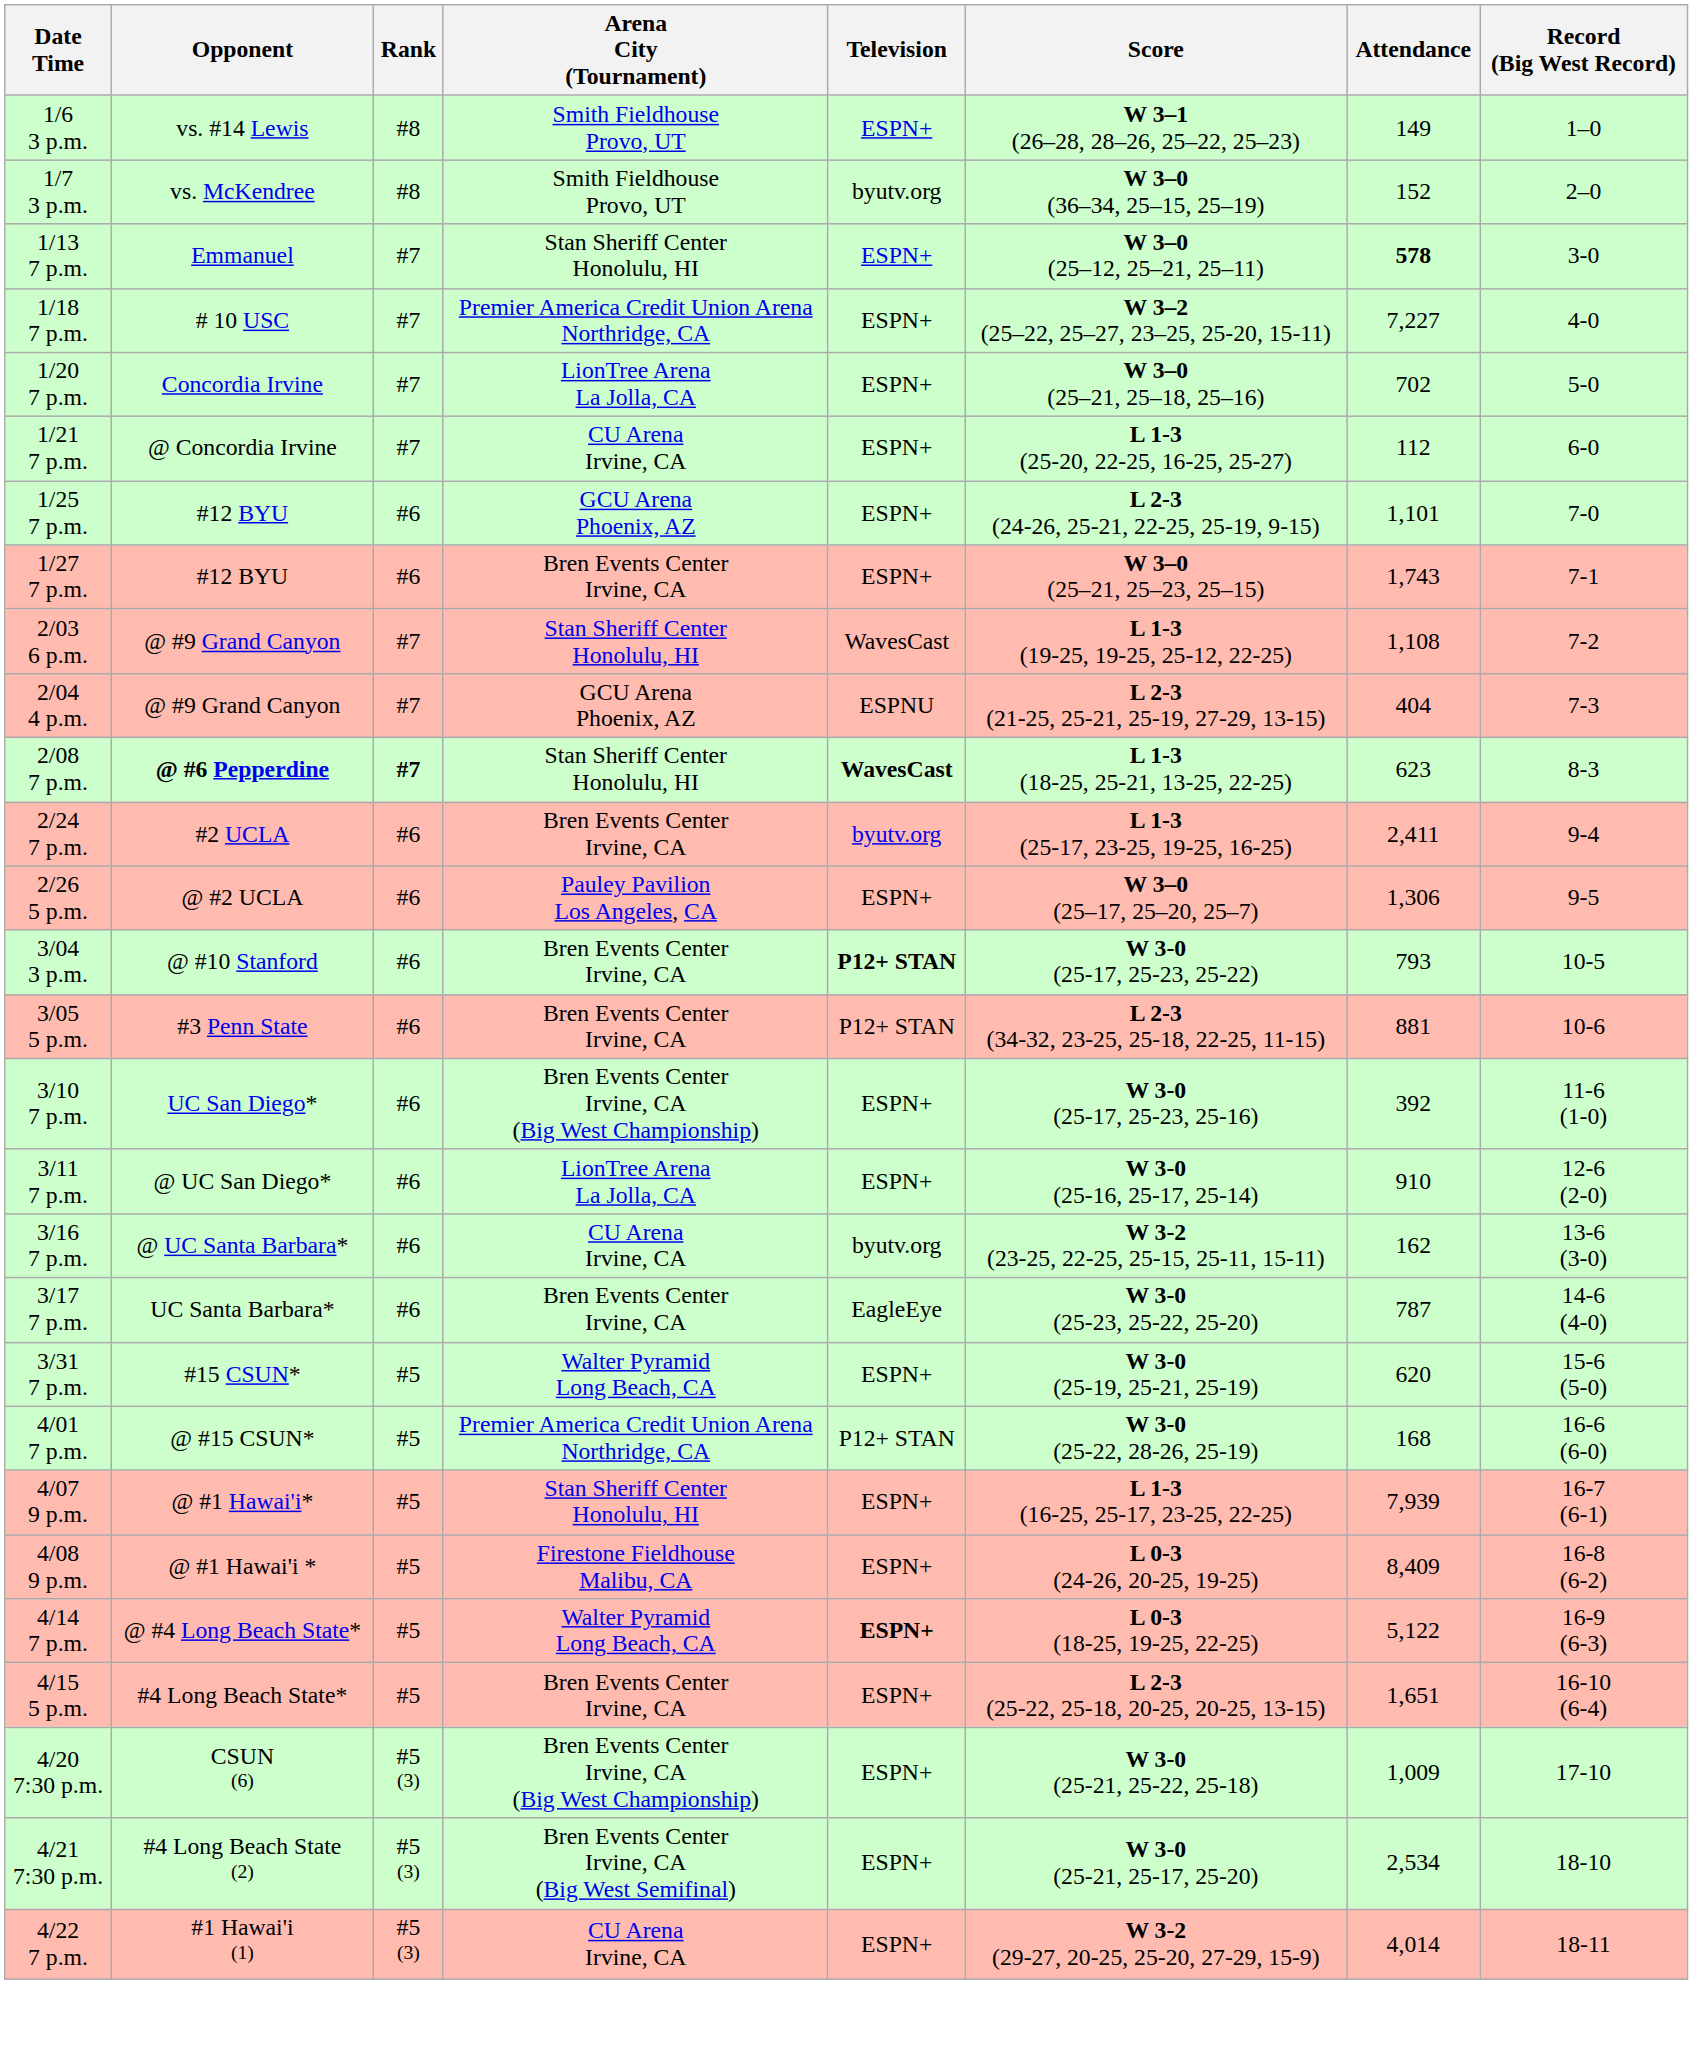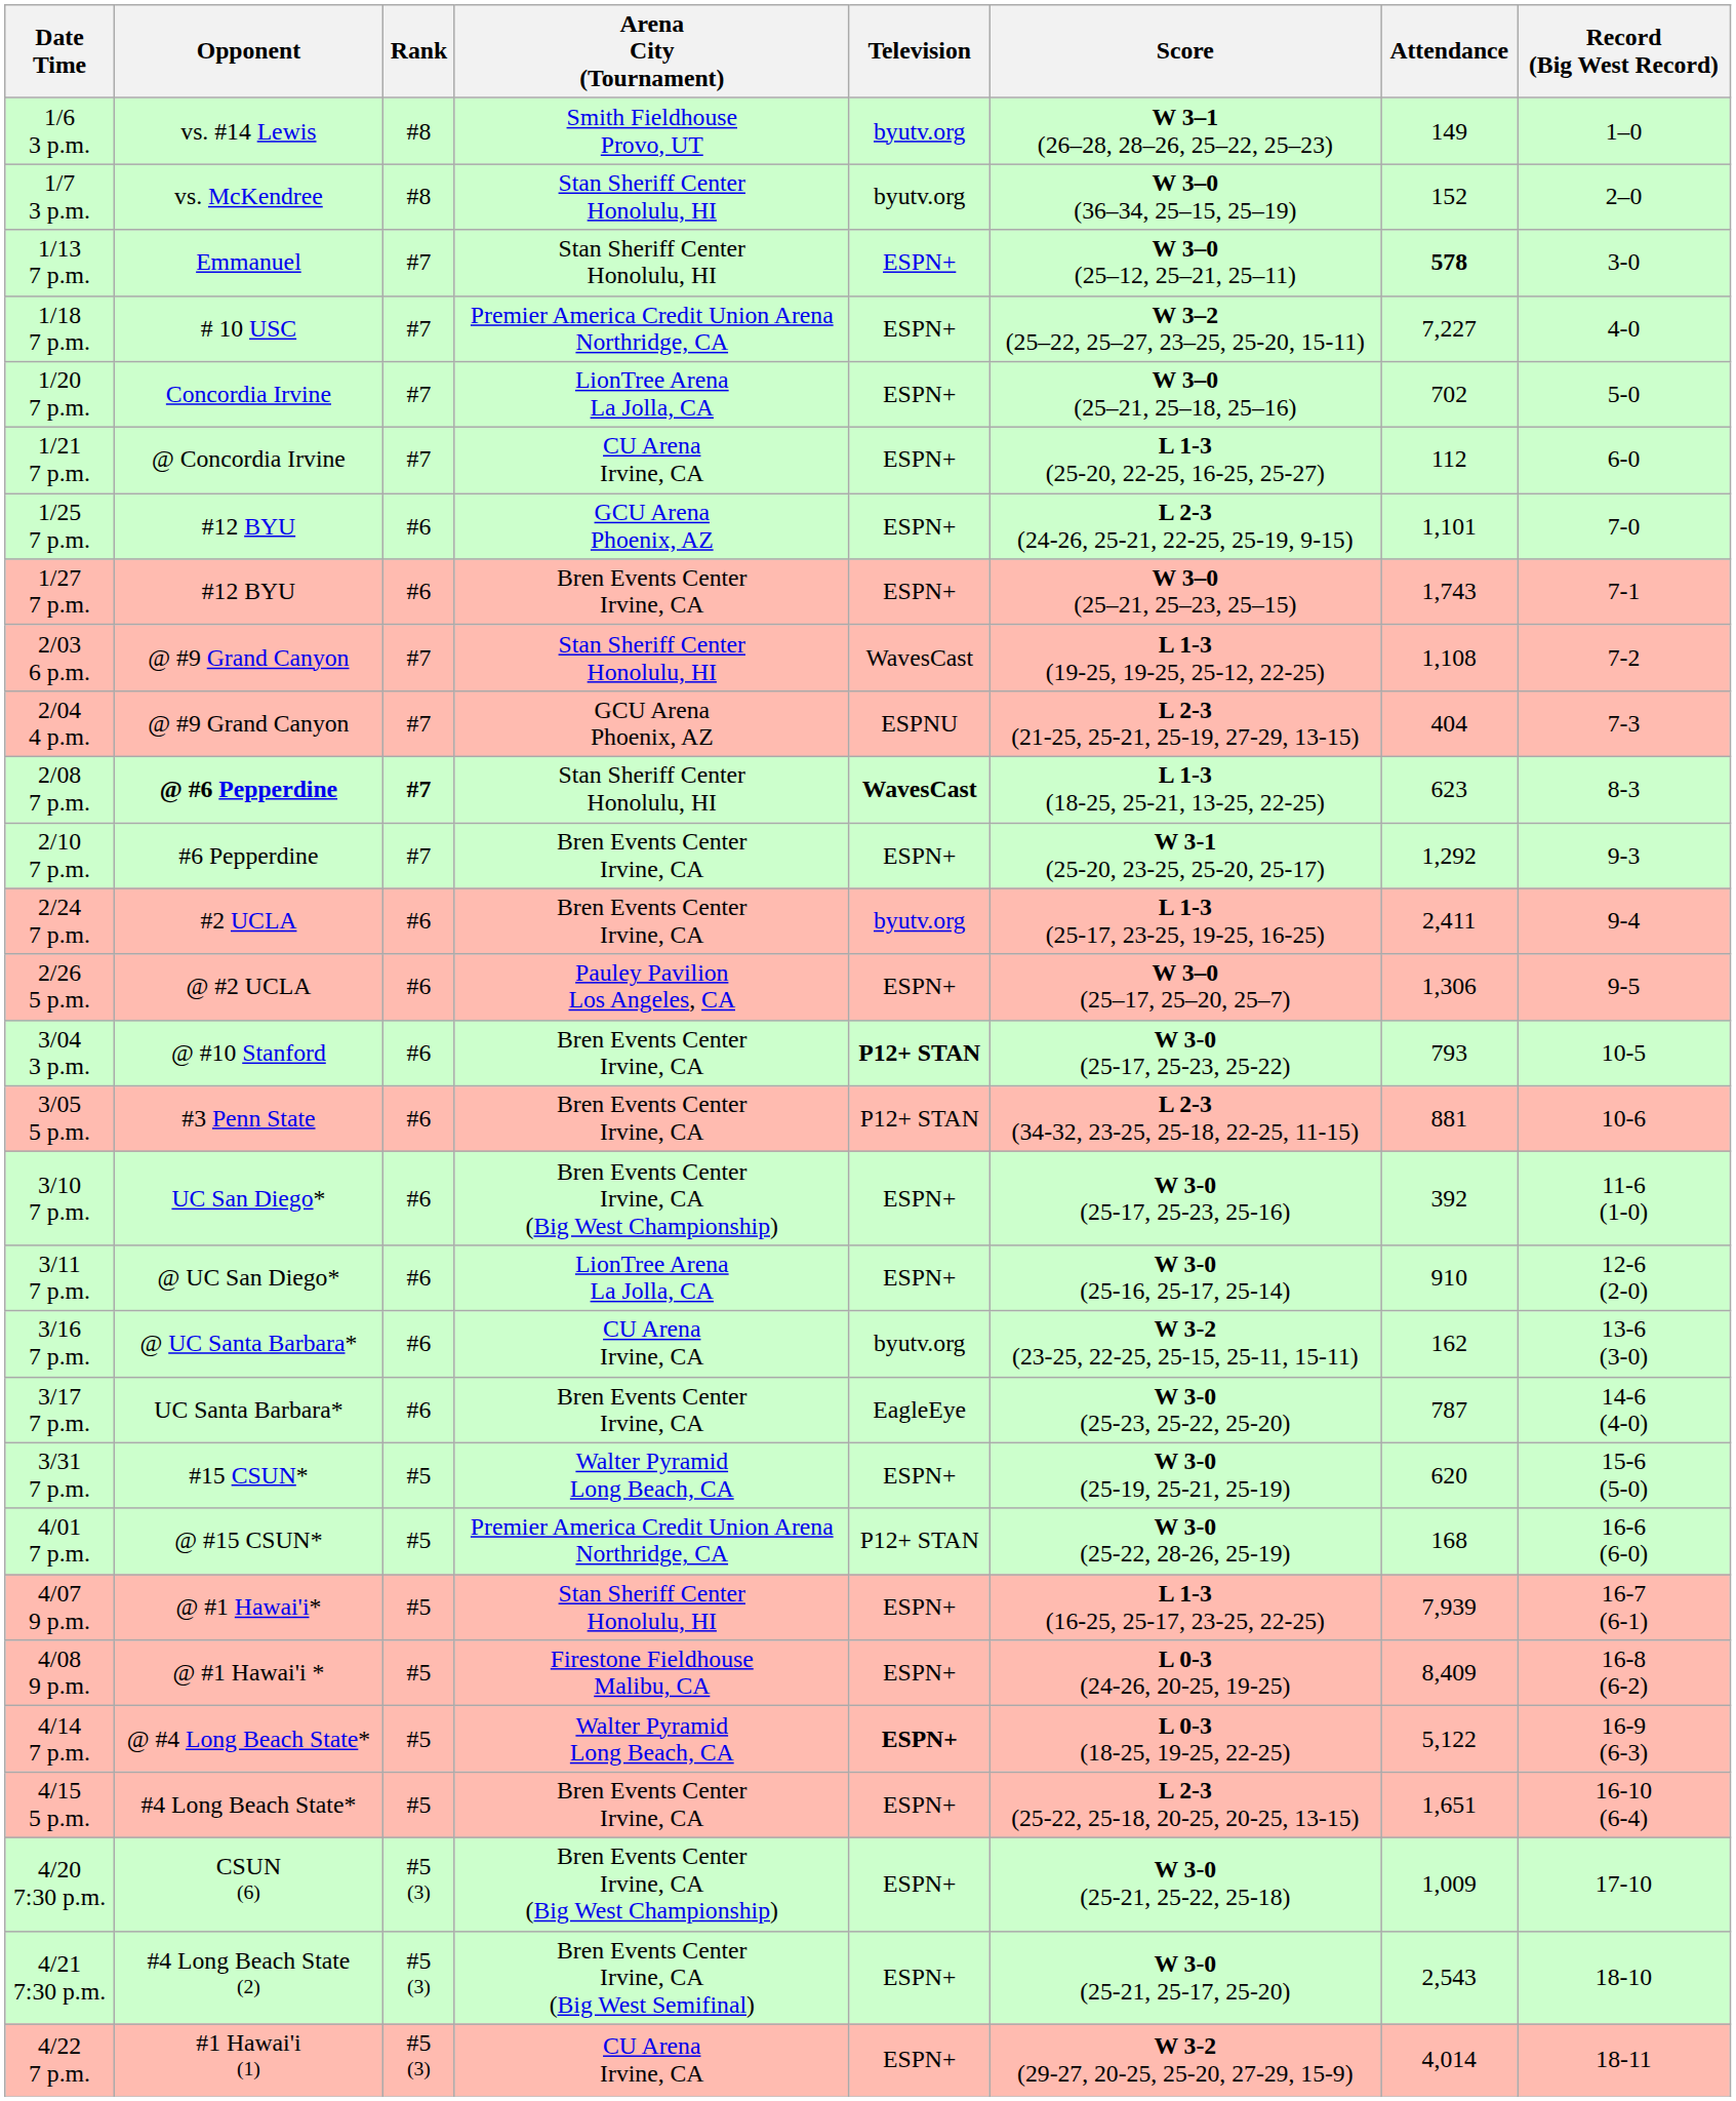 <table class="wikitable sortable" style="width:90%">
 <tr>
 <th>Date<br>Time</th>
 <th>Opponent</th>
 <th>Rank</th>
 <th>Arena<br>City<br>(Tournament)</th>
 <th>Television</th>
 <th>Score</th>
 <th>Attendance</th>
 <th>Record<br>(Big West Record)</th>
 </tr>
 <tr align="center" bgcolor="#ccffcc">
 <td>1/6<br>3 p.m.</td>
 <td>vs. #14 <a href='#'>Lewis</a></td>
 <td>#8</td>
 <td><a href='#'>Smith Fieldhouse</a><br><a href='#'>Provo, UT</a></td>
-<td><a href='#'>ESPN+</a></td>
+<td><a href='#'>byutv.org</a></td>
 <td><strong>W 3–1</strong><br>(26–28, 28–26, 25–22, 25–23)</td>
 <td>149</td>
 <td>1–0</td>
 </tr>
 <tr align="center" bgcolor="#ccffcc">
 <td>1/7<br>3 p.m.</td>
 <td>vs. <a href='#'>McKendree</a></td>
 <td>#8</td>
-<td>Smith Fieldhouse<br>Provo, UT</td>
+<td><a href='#'>Stan Sheriff Center</a><br><a href='#'>Honolulu, HI</a></td>
 <td>byutv.org</td>
 <td><strong>W 3–0</strong><br>(36–34, 25–15, 25–19)</td>
 <td>152</td>
 <td>2–0</td>
 </tr>
 <tr align="center" bgcolor="#ccffcc">
 <td>1/13<br>7 p.m.</td>
 <td><a href='#'>Emmanuel</a></td>
 <td>#7</td>
 <td>Stan Sheriff Center<br>Honolulu, HI</td>
 <td><a href='#'>ESPN+</a></td>
 <td><strong>W 3–0</strong><br>(25–12, 25–21, 25–11)</td>
 <td><strong>578</strong></td>
 <td>3-0</td>
 </tr>
 <tr align="center" bgcolor="#ccffcc">
 <td>1/18<br>7 p.m.</td>
 <td># 10 <a href='#'>USC</a></td>
 <td>#7</td>
 <td><a href='#'>Premier America Credit Union Arena</a><br><a href='#'>Northridge, CA</a></td>
 <td>ESPN+</td>
 <td><strong>W 3–2</strong><br>(25–22, 25–27, 23–25, 25-20, 15-11)</td>
 <td>7,227</td>
 <td>4-0</td>
 </tr>
 <tr align="center" bgcolor="#ccffcc">
 <td>1/20<br>7 p.m.</td>
 <td><a href='#'>Concordia Irvine</a></td>
 <td>#7</td>
 <td><a href='#'>LionTree Arena</a><br><a href='#'>La Jolla, CA</a></td>
 <td>ESPN+</td>
 <td><strong>W 3–0</strong><br>(25–21, 25–18, 25–16)</td>
 <td>702</td>
 <td>5-0</td>
 </tr>
 <tr align="center" bgcolor="#ccffcc">
 <td>1/21<br>7 p.m.</td>
 <td>@ Concordia Irvine</td>
 <td>#7</td>
 <td><a href='#'>CU Arena</a><br>Irvine, CA</td>
 <td>ESPN+</td>
 <td><strong>L 1-3</strong><br>(25-20, 22-25, 16-25, 25-27)</td>
 <td>112</td>
 <td>6-0</td>
 </tr>
 <tr align="center" bgcolor="#ccffcc">
 <td>1/25<br>7 p.m.</td>
 <td>#12 <a href='#'>BYU</a></td>
 <td>#6</td>
 <td><a href='#'>GCU Arena</a><br><a href='#'>Phoenix, AZ</a></td>
 <td>ESPN+</td>
 <td><strong>L 2-3</strong><br>(24-26, 25-21, 22-25, 25-19, 9-15)</td>
 <td>1,101</td>
 <td>7-0</td>
 </tr>
 <tr align="center" bgcolor="#ffbbb">
 <td>1/27<br>7 p.m.</td>
 <td>#12 BYU</td>
 <td>#6</td>
 <td>Bren Events Center<br>Irvine, CA</td>
 <td>ESPN+</td>
 <td><strong>W 3–0</strong><br>(25–21, 25–23, 25–15)</td>
 <td>1,743</td>
 <td>7-1</td>
 </tr>
 <tr align="center" bgcolor="#ffbbb">
 <td>2/03<br>6 p.m.</td>
 <td>@ #9 <a href='#'>Grand Canyon</a></td>
 <td>#7</td>
 <td><a href='#'>Stan Sheriff Center</a><br><a href='#'>Honolulu, HI</a></td>
 <td>WavesCast</td>
 <td><strong>L 1-3</strong><br>(19-25, 19-25, 25-12, 22-25)</td>
 <td>1,108</td>
 <td>7-2</td>
 </tr>
 <tr align="center" bgcolor="#ffbbb">
 <td>2/04<br>4 p.m.</td>
 <td>@ #9 Grand Canyon</td>
 <td>#7</td>
 <td>GCU Arena<br>Phoenix, AZ</td>
 <td>ESPNU</td>
 <td><strong>L 2-3</strong><br>(21-25, 25-21, 25-19, 27-29, 13-15)</td>
 <td>404</td>
 <td>7-3</td>
 </tr>
 <tr align="center" bgcolor="#ccffcc">
 <td>2/08<br>7 p.m.</td>
 <td><strong>@ #6 <a href='#'>Pepperdine</a></strong></td>
 <td><strong>#7</strong></td>
 <td>Stan Sheriff Center<br>Honolulu, HI</td>
 <td><strong>WavesCast</strong></td>
 <td><strong>L 1-3</strong><br>(18-25, 25-21, 13-25, 22-25)</td>
 <td>623</td>
 <td>8-3</td>
+</tr>
+<tr align="center" bgcolor="#ccffcc">
+<td>2/10<br>7 p.m.</td>
+<td>#6 Pepperdine</td>
+<td>#7</td>
+<td>Bren Events Center<br>Irvine, CA</td>
+<td>ESPN+</td>
+<td><strong>W 3-1</strong><br>(25-20, 23-25, 25-20, 25-17)</td>
+<td>1,292</td>
+<td>9-3</td>
 </tr>
 <tr align="center" bgcolor="#ffbbb">
 <td>2/24<br>7 p.m.</td>
 <td>#2 <a href='#'>UCLA</a></td>
 <td>#6</td>
 <td>Bren Events Center<br>Irvine, CA</td>
 <td><a href='#'>byutv.org</a></td>
 <td><strong>L 1-3</strong><br>(25-17, 23-25, 19-25, 16-25)</td>
 <td>2,411</td>
 <td>9-4</td>
 </tr>
 <tr align="center" bgcolor="#ffbbb">
 <td>2/26<br>5 p.m.</td>
 <td>@ #2 UCLA</td>
 <td>#6</td>
 <td><a href='#'>Pauley Pavilion</a><br><a href='#'>Los Angeles</a>, <a href='#'>CA</a></td>
 <td>ESPN+</td>
 <td><strong>W 3–0</strong><br>(25–17, 25–20, 25–7)</td>
 <td>1,306</td>
 <td>9-5</td>
 </tr>
 <tr align="center" bgcolor="#ccffcc">
 <td>3/04<br>3 p.m.</td>
 <td>@ #10 <a href='#'>Stanford</a></td>
 <td>#6</td>
 <td>Bren Events Center<br>Irvine, CA</td>
 <td><strong>P12+ STAN</strong></td>
 <td><strong>W 3-0</strong><br>(25-17, 25-23, 25-22)</td>
 <td>793</td>
 <td>10-5</td>
 </tr>
 <tr align="center" bgcolor="#ffbbb">
 <td>3/05<br>5 p.m.</td>
 <td>#3 <a href='#'>Penn State</a></td>
 <td>#6</td>
 <td>Bren Events Center<br>Irvine, CA</td>
 <td>P12+ STAN</td>
 <td><strong>L 2-3</strong><br>(34-32, 23-25, 25-18, 22-25, 11-15)</td>
 <td>881</td>
 <td>10-6</td>
 </tr>
 <tr align="center" bgcolor="#ccffcc">
 <td>3/10<br>7 p.m.</td>
 <td><a href='#'>UC San Diego</a>*</td>
 <td>#6</td>
 <td>Bren Events Center<br>Irvine, CA<br>(<a href='#'>Big West Championship</a>)</td>
 <td>ESPN+</td>
 <td><strong>W 3-0</strong><br>(25-17, 25-23, 25-16)</td>
 <td>392</td>
 <td>11-6<br>(1-0)</td>
 </tr>
 <tr align="center" bgcolor="#ccffcc">
 <td>3/11<br>7 p.m.</td>
 <td>@ UC San Diego*</td>
 <td>#6</td>
 <td><a href='#'>LionTree Arena</a><br><a href='#'>La Jolla, CA</a></td>
 <td>ESPN+</td>
 <td><strong>W 3-0</strong><br>(25-16, 25-17, 25-14)</td>
 <td>910</td>
 <td>12-6<br>(2-0)</td>
 </tr>
 <tr align="center" bgcolor="#ccffcc">
 <td>3/16<br>7 p.m.</td>
 <td>@ <a href='#'>UC Santa Barbara</a>*</td>
 <td>#6</td>
 <td><a href='#'>CU Arena</a><br>Irvine, CA</td>
 <td>byutv.org</td>
 <td><strong>W 3-2</strong><br>(23-25, 22-25, 25-15, 25-11, 15-11)</td>
 <td>162</td>
 <td>13-6<br>(3-0)</td>
 </tr>
 <tr align="center" bgcolor="#ccffcc">
 <td>3/17<br>7 p.m.</td>
 <td>UC Santa  Barbara*</td>
 <td>#6</td>
 <td>Bren Events Center<br>Irvine, CA</td>
 <td>EagleEye</td>
 <td><strong>W 3-0</strong><br>(25-23, 25-22, 25-20)</td>
 <td>787</td>
 <td>14-6<br>(4-0)</td>
 </tr>
 <tr align="center" bgcolor="#ccffcc">
 <td>3/31<br>7 p.m.</td>
 <td>#15 <a href='#'>CSUN</a>*</td>
 <td>#5</td>
 <td><a href='#'>Walter Pyramid</a><br><a href='#'>Long Beach, CA</a></td>
 <td>ESPN+</td>
 <td><strong>W 3-0</strong><br>(25-19, 25-21, 25-19)</td>
 <td>620</td>
 <td>15-6<br>(5-0)</td>
 </tr>
 <tr align="center" bgcolor="#ccffcc">
 <td>4/01<br>7 p.m.</td>
 <td>@ #15 CSUN*</td>
 <td>#5</td>
 <td><a href='#'>Premier America Credit Union Arena</a><br><a href='#'>Northridge, CA</a></td>
 <td>P12+ STAN</td>
 <td><strong>W 3-0</strong><br>(25-22, 28-26, 25-19)</td>
 <td>168</td>
 <td>16-6<br>(6-0)</td>
 </tr>
 <tr align="center" bgcolor="#ffbbb">
 <td>4/07<br>9 p.m.</td>
 <td>@ #1 <a href='#'>Hawai'i</a>*</td>
 <td>#5</td>
 <td><a href='#'>Stan Sheriff Center</a><br><a href='#'>Honolulu, HI</a></td>
 <td>ESPN+</td>
 <td><strong>L 1-3</strong><br>(16-25, 25-17, 23-25, 22-25)</td>
 <td>7,939</td>
 <td>16-7<br>(6-1)</td>
 </tr>
 <tr align="center" bgcolor="#ffbbb">
 <td>4/08<br>9 p.m.</td>
 <td>@ #1 Hawai'i *</td>
 <td>#5</td>
 <td><a href='#'>Firestone Fieldhouse</a><br><a href='#'>Malibu, CA</a></td>
 <td>ESPN+</td>
 <td><strong>L 0-3</strong><br>(24-26, 20-25, 19-25)</td>
 <td>8,409</td>
 <td>16-8<br>(6-2)</td>
 </tr>
 <tr align="center" bgcolor="#ffbbb">
 <td>4/14<br>7 p.m.</td>
 <td>@ #4 <a href='#'>Long Beach State</a>*</td>
 <td>#5</td>
 <td><a href='#'>Walter Pyramid</a><br><a href='#'>Long Beach, CA</a></td>
 <td><strong>ESPN+</strong></td>
 <td><strong>L 0-3</strong><br>(18-25, 19-25, 22-25)</td>
 <td>5,122</td>
 <td>16-9<br>(6-3)</td>
 </tr>
 <tr align="center" bgcolor="#ffbbb">
 <td>4/15<br>5 p.m.</td>
 <td>#4 Long Beach State*</td>
 <td>#5</td>
 <td>Bren Events Center<br>Irvine, CA</td>
 <td>ESPN+</td>
 <td><strong>L 2-3</strong><br>(25-22, 25-18, 20-25, 20-25, 13-15)</td>
 <td>1,651</td>
 <td>16-10<br>(6-4)</td>
 </tr>
 <tr align="center" bgcolor="#ccffcc">
 <td>4/20<br>7:30 p.m.</td>
 <td>CSUN<br><sup>(6)</sup></td>
 <td>#5<br><sup>(3)</sup></td>
 <td>Bren Events Center<br>Irvine, CA<br>(<a href='#'>Big West Championship</a>)</td>
 <td>ESPN+</td>
 <td><strong>W 3-0</strong><br>(25-21, 25-22, 25-18)</td>
 <td>1,009</td>
 <td>17-10</td>
 </tr>
 <tr align="center" bgcolor="#ccffcc">
 <td>4/21<br>7:30 p.m.</td>
 <td>#4 Long Beach State<br><sup>(2)</sup></td>
 <td>#5<br><sup>(3)</sup></td>
 <td>Bren Events Center<br>Irvine, CA<br>(<a href='#'>Big West Semifinal</a>)</td>
 <td>ESPN+</td>
 <td><strong>W 3-0</strong><br>(25-21, 25-17, 25-20)</td>
-<td>2,534</td>
+<td>2,543</td>
 <td>18-10</td>
 </tr>
 <tr align="center" bgcolor="#ffbbb">
 <td>4/22<br>7 p.m.</td>
 <td>#1 Hawai'i<br><sup>(1)</sup></td>
 <td>#5<br><sup>(3)</sup></td>
 <td><a href='#'>CU Arena</a><br>Irvine, CA</td>
 <td>ESPN+</td>
 <td><strong>W 3-2</strong><br>(29-27, 20-25, 25-20, 27-29, 15-9)</td>
 <td>4,014</td>
 <td>18-11</td>
 </tr>
 </table>
